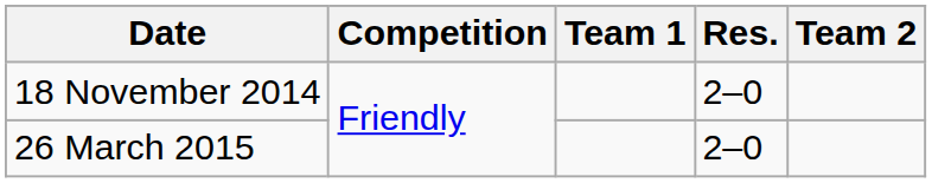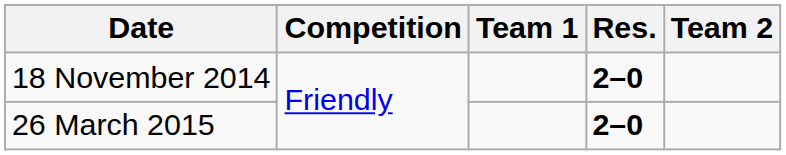 <table class="wikitable">
 <tr>
 <th>Date</th>
 <th>Competition</th>
 <th>Team 1</th>
 <th>Res.</th>
 <th>Team 2</th>
 </tr>
 <tr>
 <td>18 November 2014</td>
 <td rowspan="2"><a href='#'>Friendly</a></td>
 <td></td>
-<td>2–0</td>
+<td><strong>2–0</strong></td>
 <td></td>
 </tr>
 <tr>
 <td>26 March 2015</td>
 <td></td>
-<td>2–0</td>
+<td><strong>2–0</strong></td>
 <td></td>
 </tr>
 </table>
